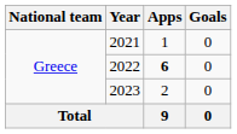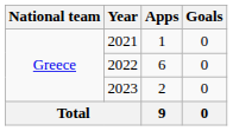 <table class="wikitable" style="text-align: center;">
 <tr>
 <th>National team</th>
 <th>Year</th>
 <th>Apps</th>
 <th>Goals</th>
 </tr>
 <tr>
 <td rowspan="3"><a href='#'>Greece</a></td>
 <td>2021</td>
 <td>1</td>
 <td>0</td>
 </tr>
 <tr>
 <td>2022</td>
-<td><strong>6</strong></td>
+<td>6</td>
 <td>0</td>
 </tr>
 <tr>
 <td>2023</td>
 <td>2</td>
 <td>0</td>
 </tr>
 <tr>
 <th colspan="2">Total</th>
 <th>9</th>
 <th>0</th>
 </tr>
 </table>
